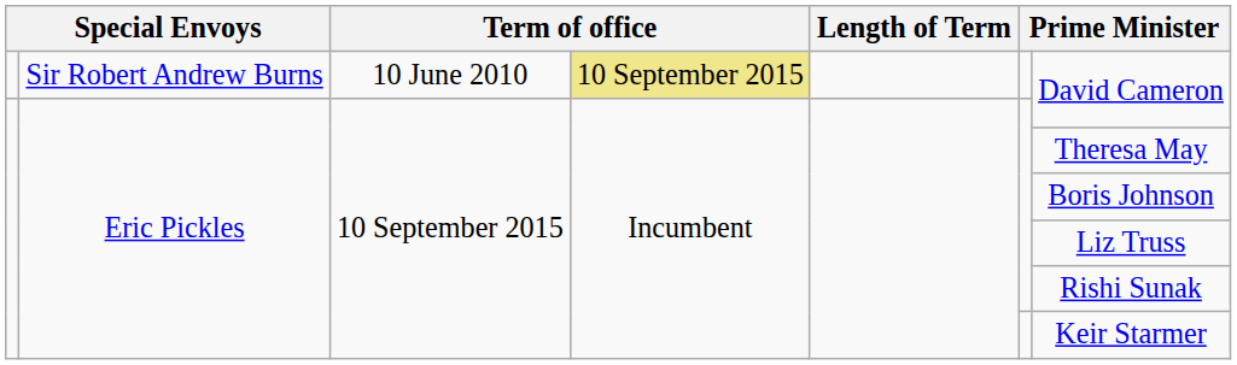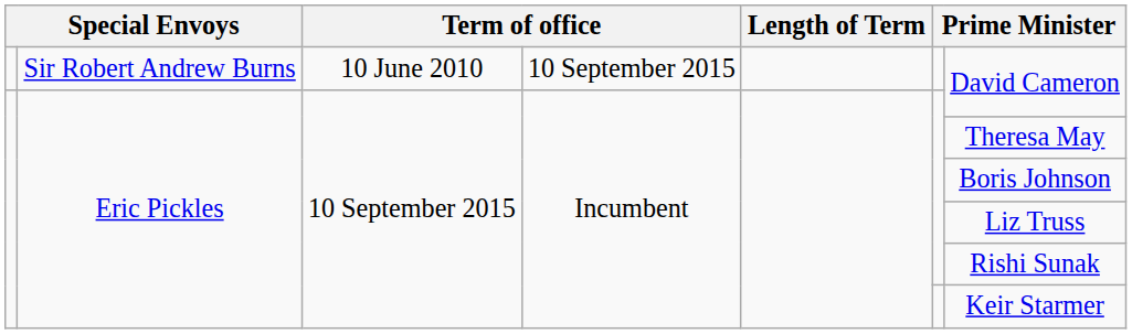 <table class="wikitable" style="text-align:center">
 <tr>
 <th colspan=2>Special Envoys</th>
 <th colspan=2 width=240>Term of office</th>
 <th>Length of Term</th>
 <th colspan=2>Prime Minister</th>
 </tr>
 <tr style="height:1em">
 <td></td>
 <td><a href='#'>Sir Robert Andrew Burns</a></td>
 <td>10 June 2010</td>
-<td style="background: khaki;">10 September 2015</td>
+<td>10 September 2015</td>
 <td></td>
 <td style="background-color:"></td>
 <td rowspan="2"><a href='#'>David Cameron</a></td>
 </tr>
 <tr style="height:1em">
 <td rowspan="6"></td>
 <td rowspan="6"><a href='#'>Eric Pickles</a><br></td>
 <td rowspan="6">10 September 2015</td>
 <td rowspan="6">Incumbent</td>
 <td rowspan="6"></td>
 <td rowspan="5" style="background-color:"></td>
 </tr>
 <tr>
 <td><a href='#'>Theresa May</a></td>
 </tr>
 <tr>
 <td><a href='#'>Boris Johnson</a></td>
 </tr>
 <tr>
 <td><a href='#'>Liz Truss</a></td>
 </tr>
 <tr>
 <td><a href='#'>Rishi Sunak</a></td>
 </tr>
 <tr>
 <td rowspan="1" style="background-color:"></td>
 <td><a href='#'>Keir Starmer</a></td>
 </tr>
 </table>
